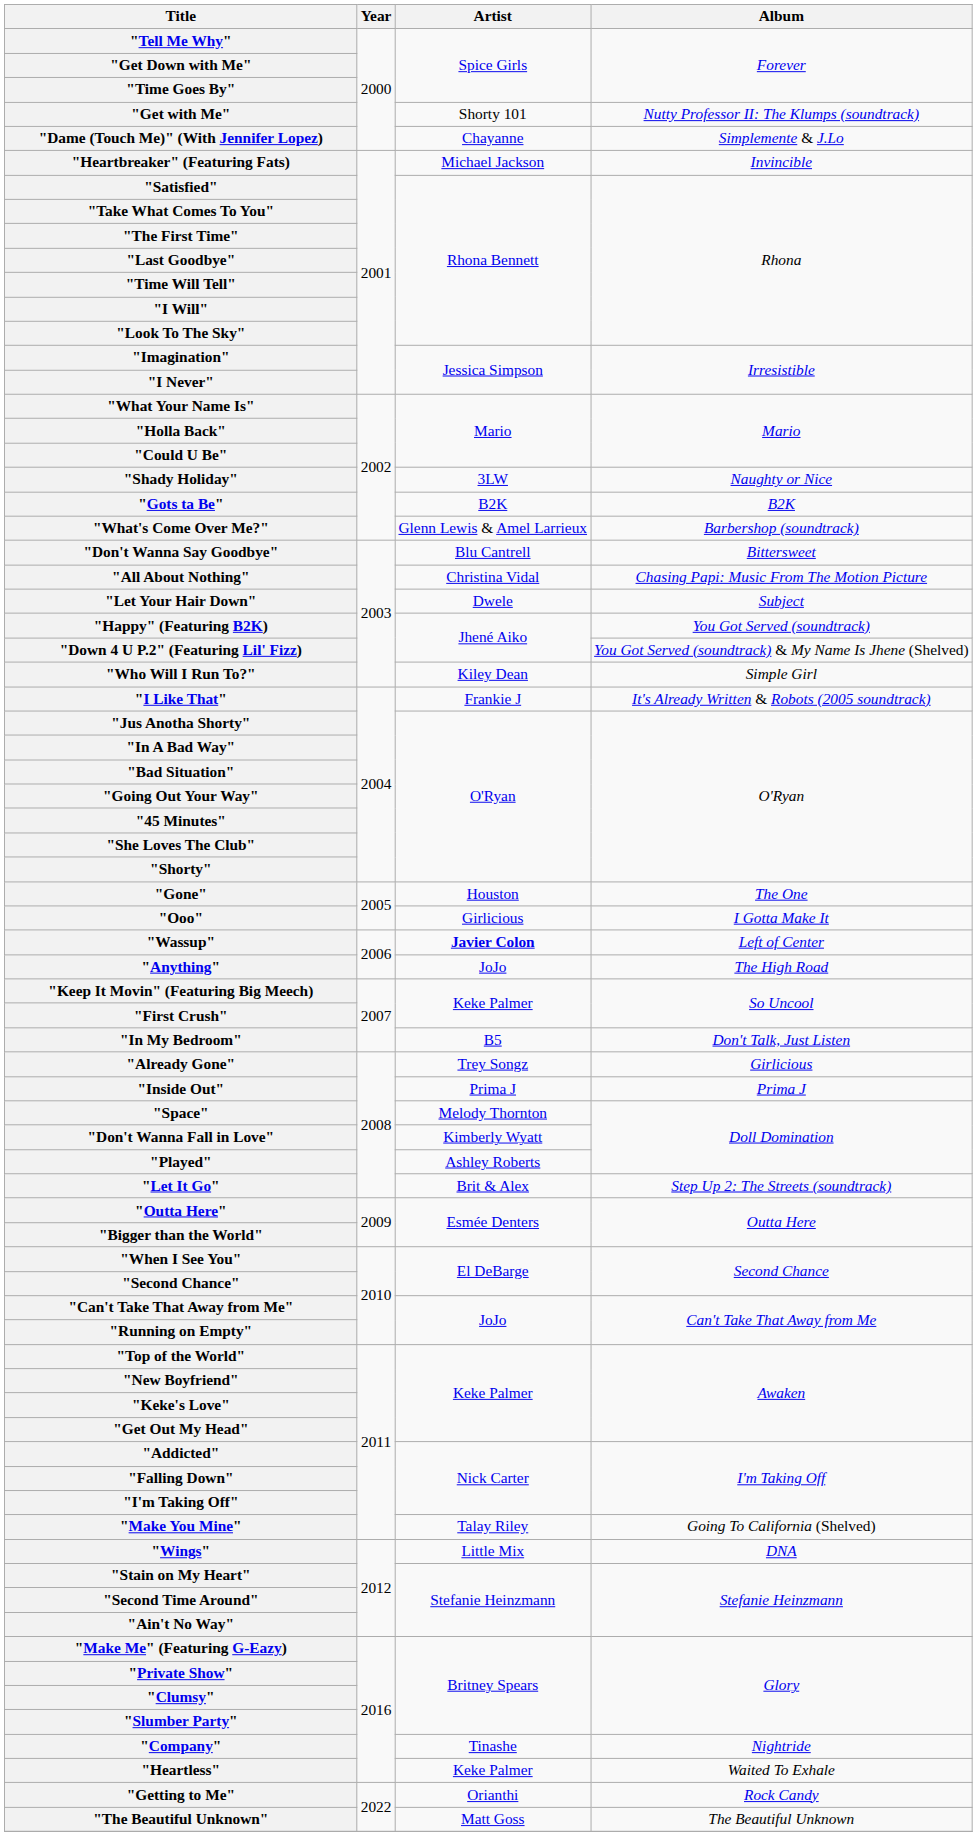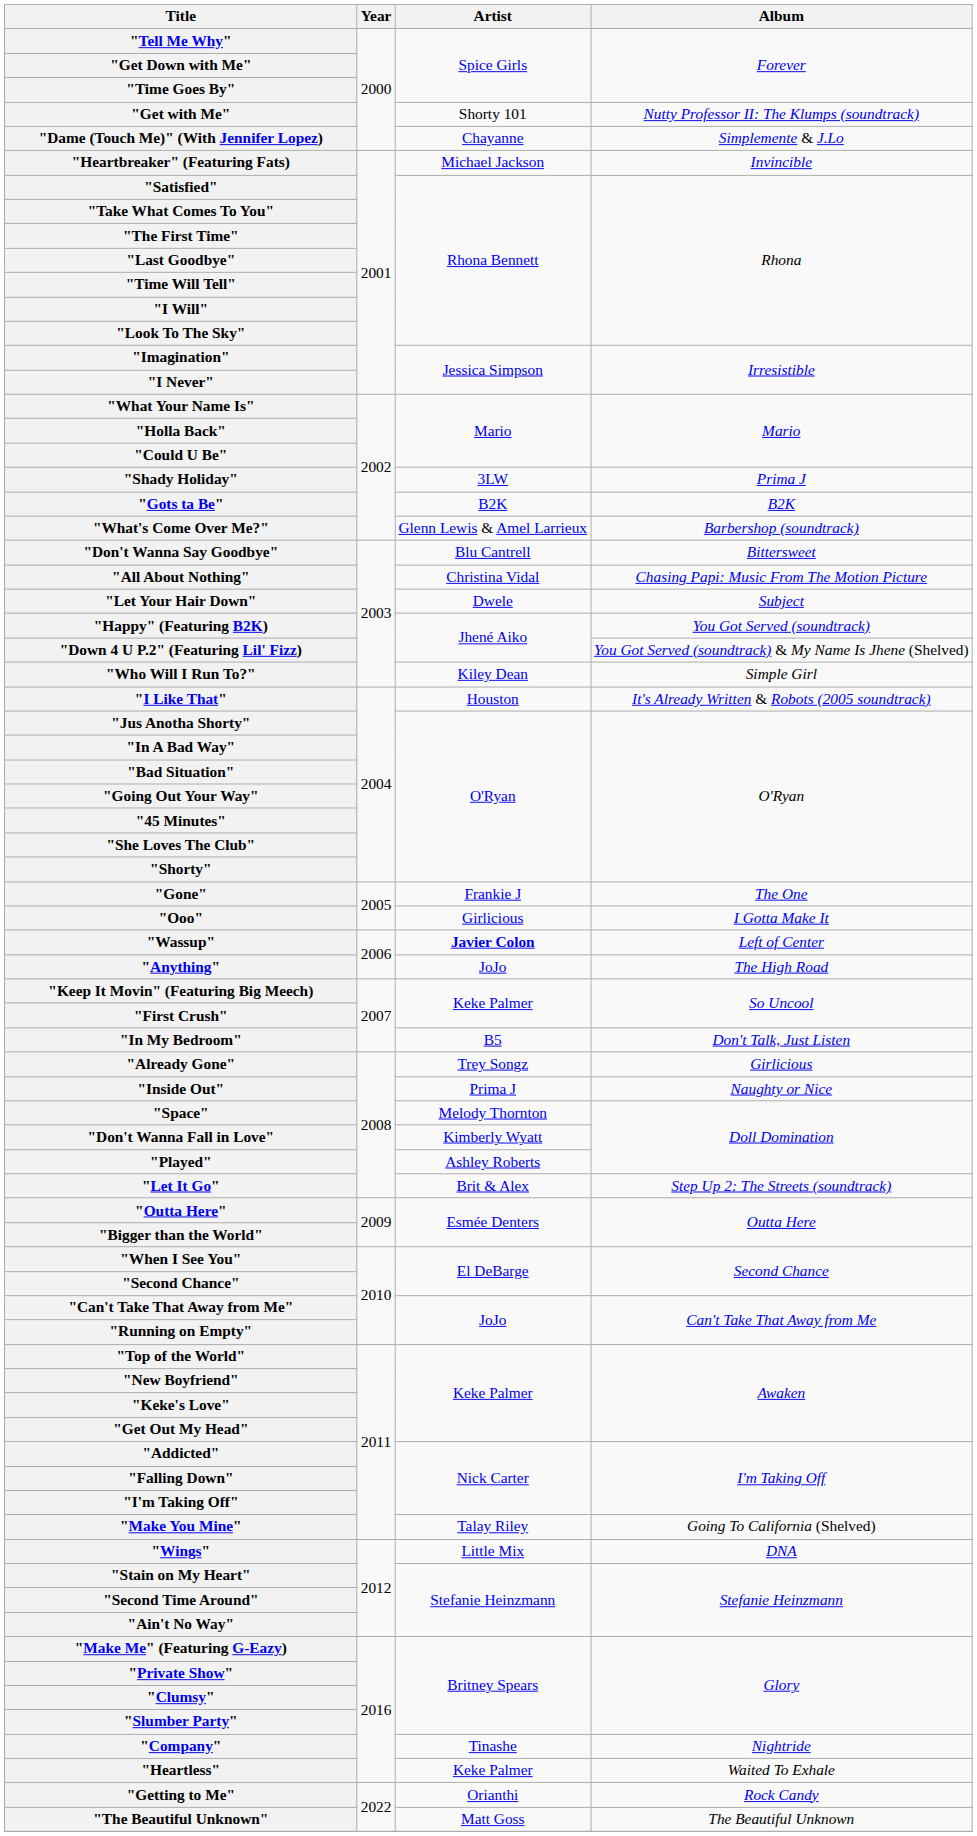 <table class="wikitable plainrowheaders" style="text-align:center;">
 <tr>
 <th scope="col" style="width:22.5em;">Title</th>
 <th scope="col">Year</th>
 <th scope="col">Artist</th>
 <th scope="col">Album</th>
 </tr>
 <tr>
 <th scope="row">"<a href='#'>Tell Me Why</a>"</th>
 <td rowspan="5">2000</td>
 <td rowspan="3"><a href='#'>Spice Girls</a></td>
 <td rowspan="3"><em><a href='#'>Forever</a></em></td>
 </tr>
 <tr>
 <th scope="row">"Get Down with Me"</th>
 </tr>
 <tr>
 <th scope="row">"Time Goes By"</th>
 </tr>
 <tr>
 <th scope="row">"Get with Me"</th>
 <td>Shorty 101</td>
 <td><em><a href='#'>Nutty Professor II: The Klumps (soundtrack)</a></em></td>
 </tr>
 <tr>
 <th scope="row">"Dame (Touch Me)" (With <a href='#'>Jennifer Lopez</a>)</th>
 <td><a href='#'>Chayanne</a></td>
 <td><em><a href='#'>Simplemente</a></em> & <em><a href='#'>J.Lo</a></em></td>
 </tr>
 <tr>
 <th scope="row">"Heartbreaker" (Featuring Fats)</th>
 <td rowspan="10">2001</td>
 <td><a href='#'>Michael Jackson</a></td>
 <td><em><a href='#'>Invincible</a></em></td>
 </tr>
 <tr>
 <th scope="row">"Satisfied"</th>
 <td rowspan="7"><a href='#'>Rhona Bennett</a></td>
 <td rowspan="7"><em>Rhona</em></td>
 </tr>
 <tr>
 <th scope="row">"Take What Comes To You"</th>
 </tr>
 <tr>
 <th scope="row">"The First Time"</th>
 </tr>
 <tr>
 <th scope="row">"Last Goodbye"</th>
 </tr>
 <tr>
 <th scope="row">"Time Will Tell"</th>
 </tr>
 <tr>
 <th scope="row">"I Will"</th>
 </tr>
 <tr>
 <th scope="row">"Look To The Sky"</th>
 </tr>
 <tr>
 <th scope="row">"Imagination"</th>
 <td rowspan="2"><a href='#'>Jessica Simpson</a></td>
 <td rowspan="2"><em><a href='#'>Irresistible</a></em></td>
 </tr>
 <tr>
 <th scope="row">"I Never"</th>
 </tr>
 <tr>
 <th scope="row">"What Your Name Is"</th>
 <td rowspan="6">2002</td>
 <td rowspan="3"><a href='#'>Mario</a></td>
 <td rowspan="3"><em><a href='#'>Mario</a></em></td>
 </tr>
 <tr>
 <th scope="row">"Holla Back"</th>
 </tr>
 <tr>
 <th scope="row">"Could U Be"</th>
 </tr>
 <tr>
 <th scope="row">"Shady Holiday"</th>
 <td><a href='#'>3LW</a></td>
-<td><em><a href='#'>Naughty or Nice</a></em></td>
+<td><em><a href='#'>Prima J</a></em></td>
 </tr>
 <tr>
 <th scope="row">"<a href='#'>Gots ta Be</a>"</th>
 <td><a href='#'>B2K</a></td>
 <td><em><a href='#'>B2K</a></em></td>
 </tr>
 <tr>
 <th scope="row">"What's Come Over Me?"</th>
 <td><a href='#'>Glenn Lewis</a> & <a href='#'>Amel Larrieux</a></td>
 <td><em><a href='#'>Barbershop (soundtrack)</a></em></td>
 </tr>
 <tr>
 <th scope="row">"Don't Wanna Say Goodbye"</th>
 <td rowspan="6">2003</td>
 <td><a href='#'>Blu Cantrell</a></td>
 <td><em><a href='#'>Bittersweet</a></em></td>
 </tr>
 <tr>
 <th scope="row">"All About Nothing"</th>
 <td><a href='#'>Christina Vidal</a></td>
 <td><em><a href='#'>Chasing Papi: Music From The Motion Picture</a></em></td>
 </tr>
 <tr>
 <th scope="row">"Let Your Hair Down"</th>
 <td><a href='#'>Dwele</a></td>
 <td><em><a href='#'>Subject</a></em></td>
 </tr>
 <tr>
 <th scope="row">"Happy" (Featuring <a href='#'>B2K</a>)</th>
 <td rowspan="2"><a href='#'>Jhené Aiko</a></td>
 <td><em><a href='#'>You Got Served (soundtrack)</a></em></td>
 </tr>
 <tr>
 <th scope="row">"Down 4 U P.2" (Featuring <a href='#'>Lil' Fizz</a>)</th>
 <td><em><a href='#'>You Got Served (soundtrack)</a></em> & <em>My Name Is Jhene</em> (Shelved)</td>
 </tr>
 <tr>
 <th scope="row">"Who Will I Run To?"</th>
 <td><a href='#'>Kiley Dean</a></td>
 <td><em>Simple Girl</em></td>
 </tr>
 <tr>
 <th scope="row">"<a href='#'>I Like That</a>"</th>
 <td rowspan="8">2004</td>
-<td><a href='#'>Frankie J</a></td>
+<td><a href='#'>Houston</a></td>
 <td><em><a href='#'>It's Already Written</a></em> & <em><a href='#'>Robots (2005 soundtrack)</a></em></td>
 </tr>
 <tr>
 <th scope="row">"Jus Anotha Shorty"</th>
 <td rowspan="7"><a href='#'>O'Ryan</a></td>
 <td rowspan="7"><em>O'Ryan</em></td>
 </tr>
 <tr>
 <th scope="row">"In A Bad Way"</th>
 </tr>
 <tr>
 <th scope="row">"Bad Situation"</th>
 </tr>
 <tr>
 <th scope="row">"Going Out Your Way"</th>
 </tr>
 <tr>
 <th scope="row">"45 Minutes"</th>
 </tr>
 <tr>
 <th scope="row">"She Loves The Club"</th>
 </tr>
 <tr>
 <th scope="row">"Shorty"</th>
 </tr>
 <tr>
 <th scope="row">"Gone"</th>
 <td rowspan="2">2005</td>
-<td><a href='#'>Houston</a></td>
+<td><a href='#'>Frankie J</a></td>
 <td><em><a href='#'>The One</a></em></td>
 </tr>
 <tr>
 <th scope="row">"Ooo"</th>
 <td><a href='#'>Girlicious</a></td>
 <td><em><a href='#'>I Gotta Make It</a></em></td>
 </tr>
 <tr>
 <th scope="row">"Wassup"</th>
 <td rowspan="2">2006</td>
 <td><strong><a href='#'>Javier Colon</a></strong></td>
 <td><em><a href='#'>Left of Center</a></em></td>
 </tr>
 <tr>
 <th scope="row">"<a href='#'>Anything</a>"</th>
 <td><a href='#'>JoJo</a></td>
 <td><em><a href='#'>The High Road</a></em></td>
 </tr>
 <tr>
 <th scope="row">"Keep It Movin" (Featuring Big Meech)</th>
 <td rowspan="3">2007</td>
 <td rowspan="2"><a href='#'>Keke Palmer</a></td>
 <td rowspan="2"><em><a href='#'>So Uncool</a></em></td>
 </tr>
 <tr>
 <th scope="row">"First Crush"</th>
 </tr>
 <tr>
 <th scope="row">"In My Bedroom"</th>
 <td><a href='#'>B5</a></td>
 <td><em><a href='#'>Don't Talk, Just Listen</a></em></td>
 </tr>
 <tr>
 <th scope="row">"Already Gone"</th>
 <td rowspan="6">2008</td>
 <td><a href='#'>Trey Songz</a></td>
 <td><em><a href='#'>Girlicious</a></em></td>
 </tr>
 <tr>
 <th scope="row">"Inside Out"</th>
 <td><a href='#'>Prima J</a></td>
-<td><em><a href='#'>Prima J</a></em></td>
+<td><em><a href='#'>Naughty or Nice</a></em></td>
 </tr>
 <tr>
 <th scope="row">"Space"</th>
 <td><a href='#'>Melody Thornton</a></td>
 <td rowspan="3"><em><a href='#'>Doll Domination</a></em></td>
 </tr>
 <tr>
 <th scope="row">"Don't Wanna Fall in Love"</th>
 <td><a href='#'>Kimberly Wyatt</a></td>
 </tr>
 <tr>
 <th scope="row">"Played"</th>
 <td><a href='#'>Ashley Roberts</a></td>
 </tr>
 <tr>
 <th scope="row">"<a href='#'>Let It Go</a>"</th>
 <td><a href='#'>Brit & Alex</a></td>
 <td><em><a href='#'>Step Up 2: The Streets (soundtrack)</a></em></td>
 </tr>
 <tr>
 <th scope="row">"<a href='#'>Outta Here</a>"</th>
 <td rowspan="2">2009</td>
 <td rowspan="2"><a href='#'>Esmée Denters</a></td>
 <td rowspan="2"><em><a href='#'>Outta Here</a></em></td>
 </tr>
 <tr>
 <th scope="row">"Bigger than the World"</th>
 </tr>
 <tr>
 <th scope="row">"When I See You"</th>
 <td rowspan="4">2010</td>
 <td rowspan="2"><a href='#'>El DeBarge</a></td>
 <td rowspan="2"><em><a href='#'>Second Chance</a></em></td>
 </tr>
 <tr>
 <th scope="row">"Second Chance"</th>
 </tr>
 <tr>
 <th scope="row">"Can't Take That Away from Me"</th>
 <td rowspan="2"><a href='#'>JoJo</a></td>
 <td rowspan="2"><em><a href='#'>Can't Take That Away from Me</a></em></td>
 </tr>
 <tr>
 <th scope="row">"Running on Empty"</th>
 </tr>
 <tr>
 <th scope="row">"Top of the World"</th>
 <td rowspan="8">2011</td>
 <td rowspan="4"><a href='#'>Keke Palmer</a></td>
 <td rowspan="4"><em><a href='#'>Awaken</a></em></td>
 </tr>
 <tr>
 <th scope="row">"New Boyfriend"</th>
 </tr>
 <tr>
 <th scope="row">"Keke's Love"</th>
 </tr>
 <tr>
 <th scope="row">"Get Out My Head"</th>
 </tr>
 <tr>
 <th scope="row">"Addicted"</th>
 <td rowspan="3"><a href='#'>Nick Carter</a></td>
 <td rowspan="3"><em><a href='#'>I'm Taking Off</a></em></td>
 </tr>
 <tr>
 <th scope="row">"Falling Down"</th>
 </tr>
 <tr>
 <th scope="row">"I'm Taking Off"</th>
 </tr>
 <tr>
 <th scope="row">"<a href='#'>Make You Mine</a>"</th>
 <td><a href='#'>Talay Riley</a></td>
 <td><em>Going To California</em> (Shelved)</td>
 </tr>
 <tr>
 <th scope="row">"<a href='#'>Wings</a>"</th>
 <td rowspan="4">2012</td>
 <td><a href='#'>Little Mix</a></td>
 <td><em><a href='#'>DNA</a></em></td>
 </tr>
 <tr>
 <th scope="row">"Stain on My Heart"</th>
 <td rowspan="3"><a href='#'>Stefanie Heinzmann</a></td>
 <td rowspan="3"><em><a href='#'>Stefanie Heinzmann</a></em></td>
 </tr>
 <tr>
 <th scope="row">"Second Time Around"</th>
 </tr>
 <tr>
 <th scope="row">"Ain't No Way"</th>
 </tr>
 <tr>
 <th scope="row">"<a href='#'>Make Me</a>" (Featuring <a href='#'>G-Eazy</a>)</th>
 <td rowspan="6">2016</td>
 <td rowspan="4"><a href='#'>Britney Spears</a></td>
 <td rowspan="4"><em><a href='#'>Glory</a></em></td>
 </tr>
 <tr>
 <th scope="row">"<a href='#'>Private Show</a>"</th>
 </tr>
 <tr>
 <th scope="row">"<a href='#'>Clumsy</a>"</th>
 </tr>
 <tr>
 <th scope="row">"<a href='#'>Slumber Party</a>"</th>
 </tr>
 <tr>
 <th scope="row">"<a href='#'>Company</a>"</th>
 <td><a href='#'>Tinashe</a></td>
 <td><em><a href='#'>Nightride</a></em></td>
 </tr>
 <tr>
 <th scope="row">"Heartless"</th>
 <td><a href='#'>Keke Palmer</a></td>
 <td><em>Waited To Exhale</em></td>
 </tr>
 <tr>
 <th scope="row">"Getting to Me"</th>
 <td rowspan="2">2022</td>
 <td><a href='#'>Orianthi</a></td>
 <td><em><a href='#'>Rock Candy</a></em></td>
 </tr>
 <tr>
 <th scope="row">"The Beautiful Unknown"</th>
 <td><a href='#'>Matt Goss</a></td>
 <td><em>The Beautiful Unknown</em></td>
 </tr>
 <tr>
 </tr>
 </table>
